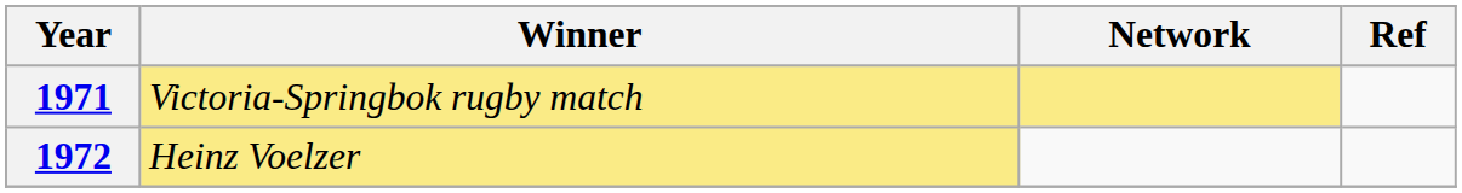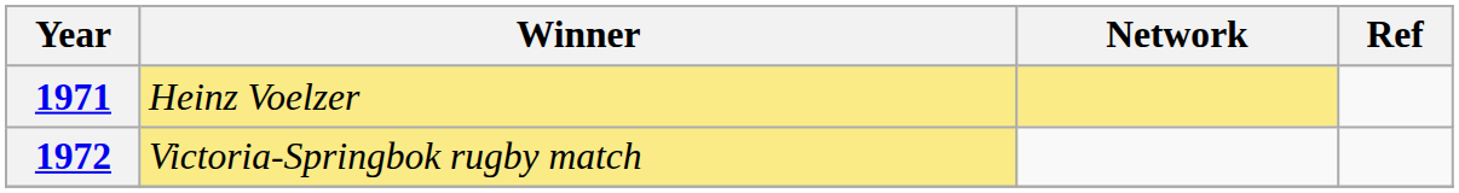 <table class="wikitable sortable">
 <tr style="background:#bebebe;">
 <th scope="col" style="width:1%;">Year</th>
 <th scope="col" style="width:16%;">Winner</th>
 <th scope="col" style="width:4%;">Network</th>
 <th scope="col" style="width:1%;" class="unsortable">Ref</th>
 </tr>
 <tr>
 <th scope="row" style="text-align:center"><a href='#'>1971</a></th>
-<td style="background:#FAEB86"><em>Victoria-Springbok rugby match</em></td>
+<td style="background:#FAEB86"><em>Heinz Voelzer</em></td>
 <td style="background:#FAEB86"></td>
 <td></td>
 </tr>
 <tr>
 <th scope="row" style="text-align:center"><a href='#'>1972</a></th>
-<td style="background:#FAEB86"><em>Heinz Voelzer</em></td>
+<td style="background:#FAEB86"><em>Victoria-Springbok rugby match</em></td>
 <td></td>
 <td></td>
 </tr>
 <tr>
 </tr>
 </table>
